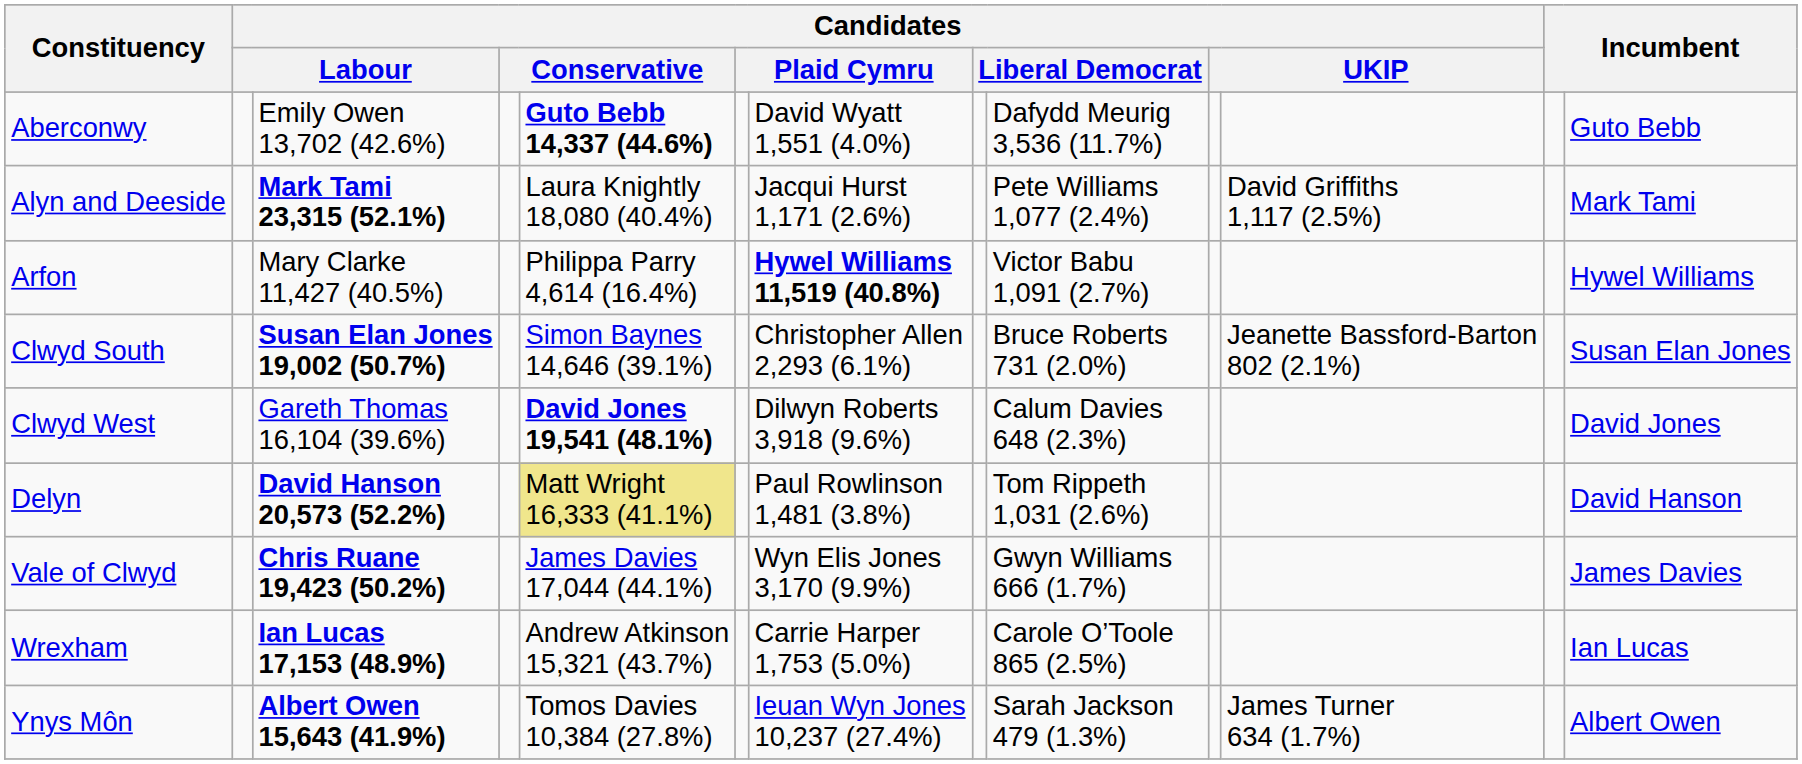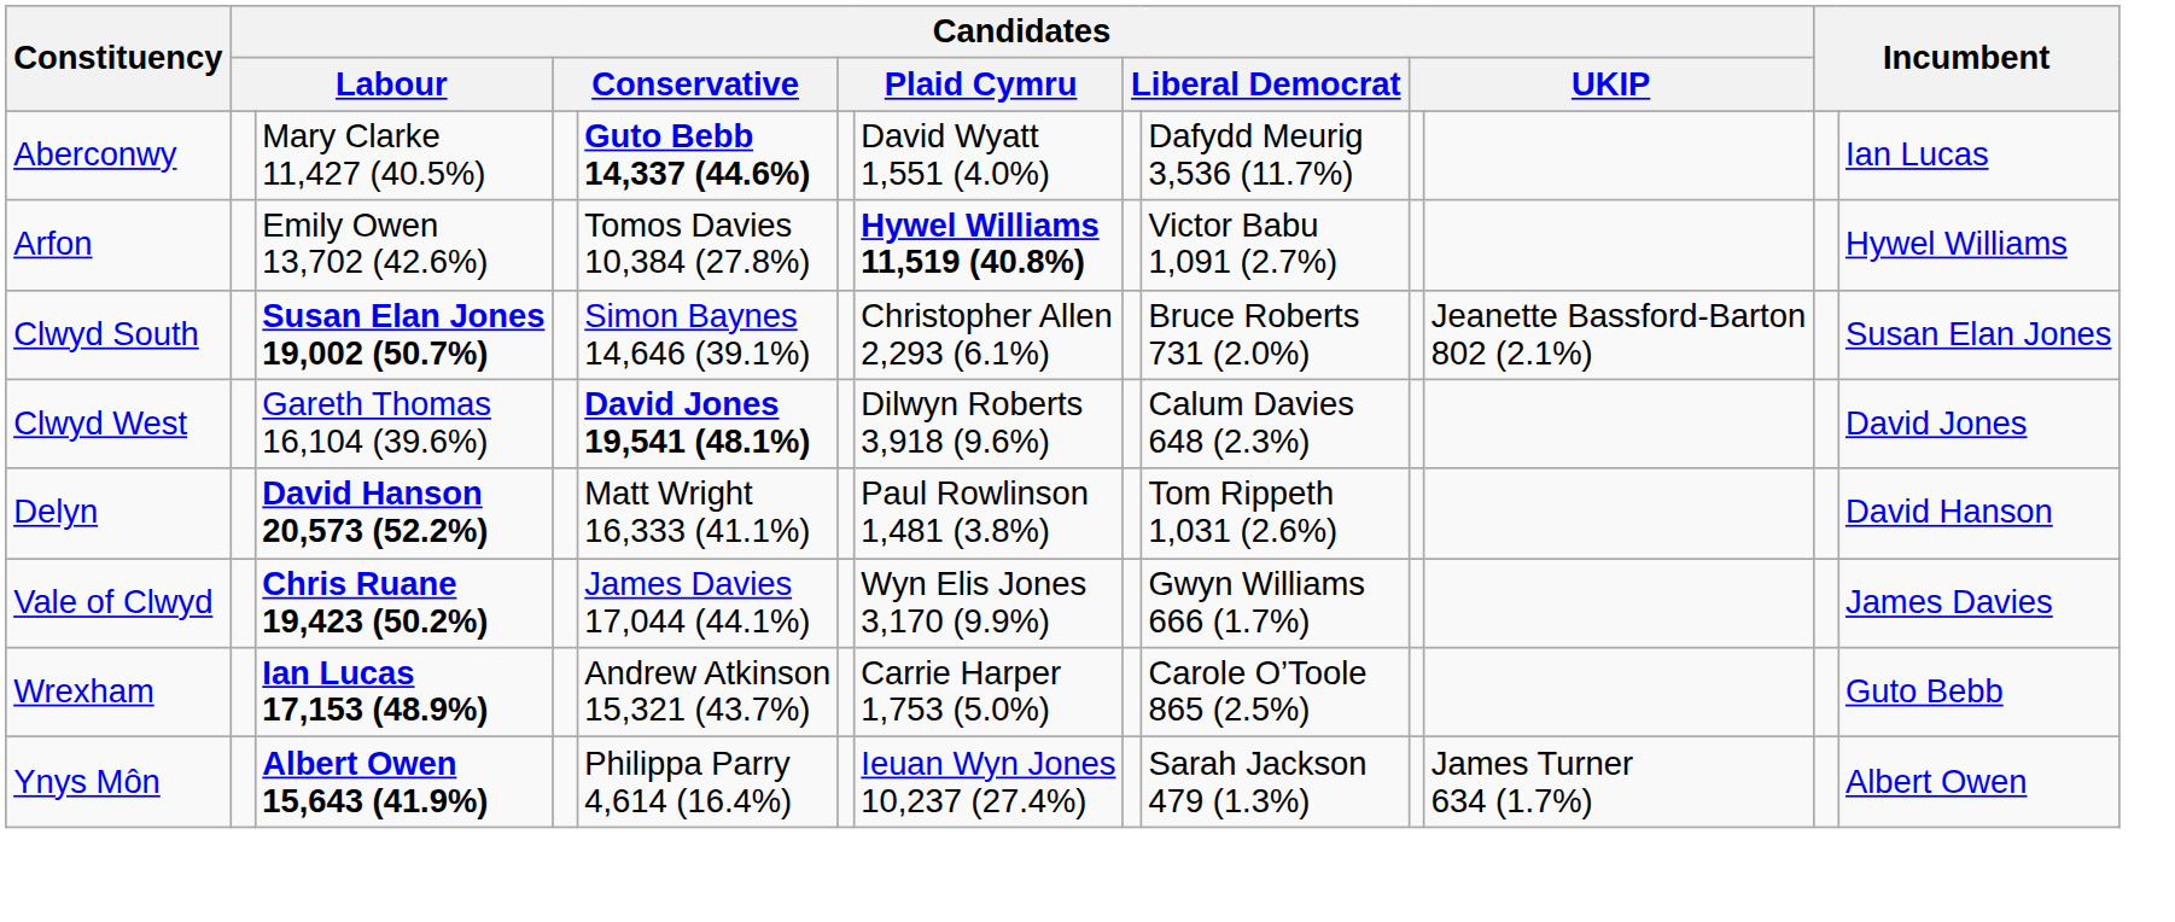 <table class="wikitable">
 <tr>
 <th rowspan="2">Constituency</th>
 <th colspan="10">Candidates</th>
 <th colspan="2" rowspan="2">Incumbent</th>
 </tr>
 <tr>
 <th colspan="2"><a href='#'>Labour</a></th>
 <th colspan="2"><a href='#'>Conservative</a></th>
 <th colspan="2"><a href='#'>Plaid Cymru</a></th>
 <th colspan="2"><a href='#'>Liberal Democrat</a></th>
 <th colspan="2"><a href='#'>UKIP</a></th>
 </tr>
 <tr>
 <td><a href='#'>Aberconwy</a></td>
 <td></td>
-<td>Emily Owen<br>13,702 (42.6%)</td>
+<td>Mary Clarke<br>11,427 (40.5%)</td>
 <td style="color:inherit;background:"> </td>
 <td><strong><a href='#'>Guto Bebb</a></strong><br><strong>14,337 (44.6%)</strong></td>
 <td></td>
 <td>David Wyatt<br>1,551 (4.0%)</td>
 <td></td>
 <td>Dafydd Meurig<br>3,536 (11.7%)</td>
 <td></td>
 <td></td>
 <td style="color:inherit;background:"> </td>
-<td><a href='#'>Guto Bebb</a></td>
-</tr>
-<tr>
-<td><a href='#'>Alyn and Deeside</a></td>
-<td style="color:inherit;background:"> </td>
-<td><strong><a href='#'>Mark Tami</a></strong><br><strong>23,315 (52.1%)</strong></td>
-<td></td>
-<td>Laura Knightly<br>18,080 (40.4%)</td>
-<td></td>
-<td>Jacqui Hurst<br>1,171 (2.6%)</td>
-<td></td>
-<td>Pete Williams<br>1,077 (2.4%)</td>
-<td></td>
-<td>David Griffiths<br>1,117 (2.5%)</td>
-<td style="color:inherit;background:"> </td>
-<td><a href='#'>Mark Tami</a></td>
+<td><a href='#'>Ian Lucas</a></td>
 </tr>
 <tr>
 <td><a href='#'>Arfon</a></td>
 <td></td>
-<td>Mary Clarke<br>11,427 (40.5%)</td>
+<td>Emily Owen<br>13,702 (42.6%)</td>
 <td></td>
-<td>Philippa Parry<br>4,614 (16.4%)</td>
+<td>Tomos Davies<br>10,384 (27.8%)</td>
 <td style="color:inherit;background-color: "></td>
 <td><strong><a href='#'>Hywel Williams</a></strong><br><strong>11,519 (40.8%)</strong></td>
 <td></td>
 <td>Victor Babu<br>1,091 (2.7%)</td>
 <td></td>
 <td></td>
 <td style="color:inherit;background-color: "></td>
 <td><a href='#'>Hywel Williams</a></td>
 </tr>
 <tr>
 <td><a href='#'>Clwyd South</a></td>
 <td style="color:inherit;background:"> </td>
 <td><strong><a href='#'>Susan Elan Jones</a></strong><br><strong>19,002 (50.7%)</strong></td>
 <td></td>
 <td><a href='#'>Simon Baynes</a><br>14,646 (39.1%)</td>
 <td></td>
 <td>Christopher Allen<br>2,293 (6.1%)</td>
 <td></td>
 <td>Bruce Roberts<br>731 (2.0%)</td>
 <td></td>
 <td>Jeanette Bassford-Barton<br>802 (2.1%)</td>
 <td style="color:inherit;background:"> </td>
 <td><a href='#'>Susan Elan Jones</a></td>
 </tr>
 <tr>
 <td><a href='#'>Clwyd West</a></td>
 <td></td>
 <td><a href='#'>Gareth Thomas</a><br>16,104 (39.6%)</td>
 <td style="color:inherit;background:"> </td>
 <td><strong><a href='#'>David Jones</a></strong><br><strong>19,541 (48.1%)</strong></td>
 <td></td>
 <td>Dilwyn Roberts<br>3,918 (9.6%)</td>
 <td></td>
 <td>Calum Davies<br>648 (2.3%)</td>
 <td></td>
 <td></td>
 <td style="color:inherit;background:"> </td>
 <td><a href='#'>David Jones</a></td>
 </tr>
 <tr>
 <td><a href='#'>Delyn</a></td>
 <td style="color:inherit;background:"> </td>
 <td><strong><a href='#'>David Hanson</a></strong><br><strong>20,573 (52.2%)</strong></td>
 <td></td>
-<td style="background: khaki;">Matt Wright<br>16,333 (41.1%)</td>
+<td>Matt Wright<br>16,333 (41.1%)</td>
 <td></td>
 <td>Paul Rowlinson<br>1,481 (3.8%)</td>
 <td></td>
 <td>Tom Rippeth<br>1,031 (2.6%)</td>
 <td></td>
 <td></td>
 <td style="color:inherit;background:"> </td>
 <td><a href='#'>David Hanson</a></td>
 </tr>
 <tr>
 <td><a href='#'>Vale of Clwyd</a></td>
 <td style="color:inherit;background:"> </td>
 <td><strong><a href='#'>Chris Ruane</a></strong><br><strong>19,423 (50.2%)</strong></td>
 <td></td>
 <td><a href='#'>James Davies</a><br>17,044 (44.1%)</td>
 <td></td>
 <td>Wyn Elis Jones<br>3,170 (9.9%)</td>
 <td></td>
 <td>Gwyn Williams<br>666 (1.7%)</td>
 <td></td>
 <td></td>
 <td style="color:inherit;background:"> </td>
 <td><a href='#'>James Davies</a></td>
 </tr>
 <tr>
 <td><a href='#'>Wrexham</a></td>
 <td style="color:inherit;background:"> </td>
 <td><strong><a href='#'>Ian Lucas</a></strong><br><strong>17,153 (48.9%)</strong></td>
 <td></td>
 <td>Andrew Atkinson<br>15,321 (43.7%)</td>
 <td></td>
 <td>Carrie Harper<br>1,753 (5.0%)</td>
 <td></td>
 <td>Carole O’Toole<br>865 (2.5%)</td>
 <td></td>
 <td></td>
 <td style="color:inherit;background:"> </td>
-<td><a href='#'>Ian Lucas</a></td>
+<td><a href='#'>Guto Bebb</a></td>
 </tr>
 <tr>
 <td><a href='#'>Ynys Môn</a></td>
 <td style="color:inherit;background:"> </td>
 <td><strong><a href='#'>Albert Owen</a></strong><br><strong>15,643 (41.9%)</strong></td>
 <td></td>
-<td>Tomos Davies<br>10,384 (27.8%)</td>
+<td>Philippa Parry<br>4,614 (16.4%)</td>
 <td></td>
 <td><a href='#'>Ieuan Wyn Jones</a><br>10,237 (27.4%)</td>
 <td></td>
 <td>Sarah Jackson<br>479 (1.3%)</td>
 <td></td>
 <td>James Turner<br>634 (1.7%)</td>
 <td style="color:inherit;background:"> </td>
 <td><a href='#'>Albert Owen</a></td>
 </tr>
 </table>
